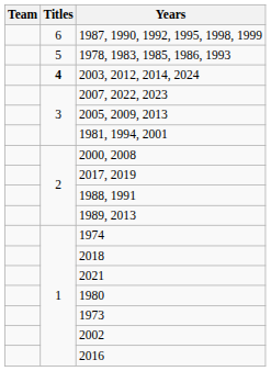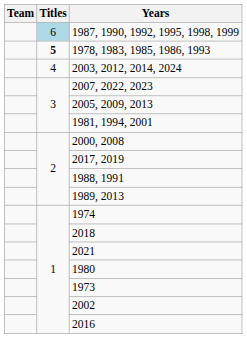 <table class="wikitable sortable" style="text-align:center ">
 <tr>
 <th>Team</th>
 <th>Titles</th>
 <th>Years</th>
 </tr>
 <tr>
 <td style=><strong></strong></td>
-<td>6</td>
+<td style="background: lightblue;">6</td>
 <td align=left>1987, 1990, 1992, 1995, 1998, 1999</td>
 </tr>
 <tr>
 <td style=><strong></strong></td>
-<td>5</td>
+<td><strong>5</strong></td>
 <td align=left>1978, 1983, 1985, 1986, 1993</td>
 </tr>
 <tr>
 <td style=><strong></strong></td>
-<td><strong>4</strong></td>
+<td>4</td>
 <td align=left>2003, 2012, 2014, 2024</td>
 </tr>
 <tr>
 <td style=><strong></strong></td>
 <td rowspan=3>3</td>
 <td align=left>2007, 2022, 2023</td>
 </tr>
 <tr>
 <td style=><strong></strong></td>
 <td align=left>2005, 2009, 2013</td>
 </tr>
 <tr>
 <td style=><strong></strong></td>
 <td align=left>1981, 1994, 2001</td>
 </tr>
 <tr>
 <td style=><strong></strong></td>
 <td rowspan=4>2</td>
 <td align=left>2000, 2008</td>
 </tr>
 <tr>
 <td style=><strong></strong></td>
 <td align=left>2017, 2019</td>
 </tr>
 <tr>
 <td style=><strong></strong></td>
 <td align=left>1988, 1991</td>
 </tr>
 <tr>
 <td style=><strong></strong></td>
 <td align=left>1989, 2013</td>
 </tr>
 <tr>
 <td style=><strong></strong></td>
 <td rowspan=7>1</td>
 <td align=left>1974</td>
 </tr>
 <tr>
 <td style=><strong></strong></td>
 <td align=left>2018</td>
 </tr>
 <tr>
 <td style=><strong></strong></td>
 <td align=left>2021</td>
 </tr>
 <tr>
 <td style=><strong></strong></td>
 <td align=left>1980</td>
 </tr>
 <tr>
 <td style=><strong></strong></td>
 <td align=left>1973</td>
 </tr>
 <tr>
 <td style=><strong></strong></td>
 <td align=left>2002</td>
 </tr>
 <tr>
 <td style=><strong></strong></td>
 <td align=left>2016</td>
 </tr>
 </table>
